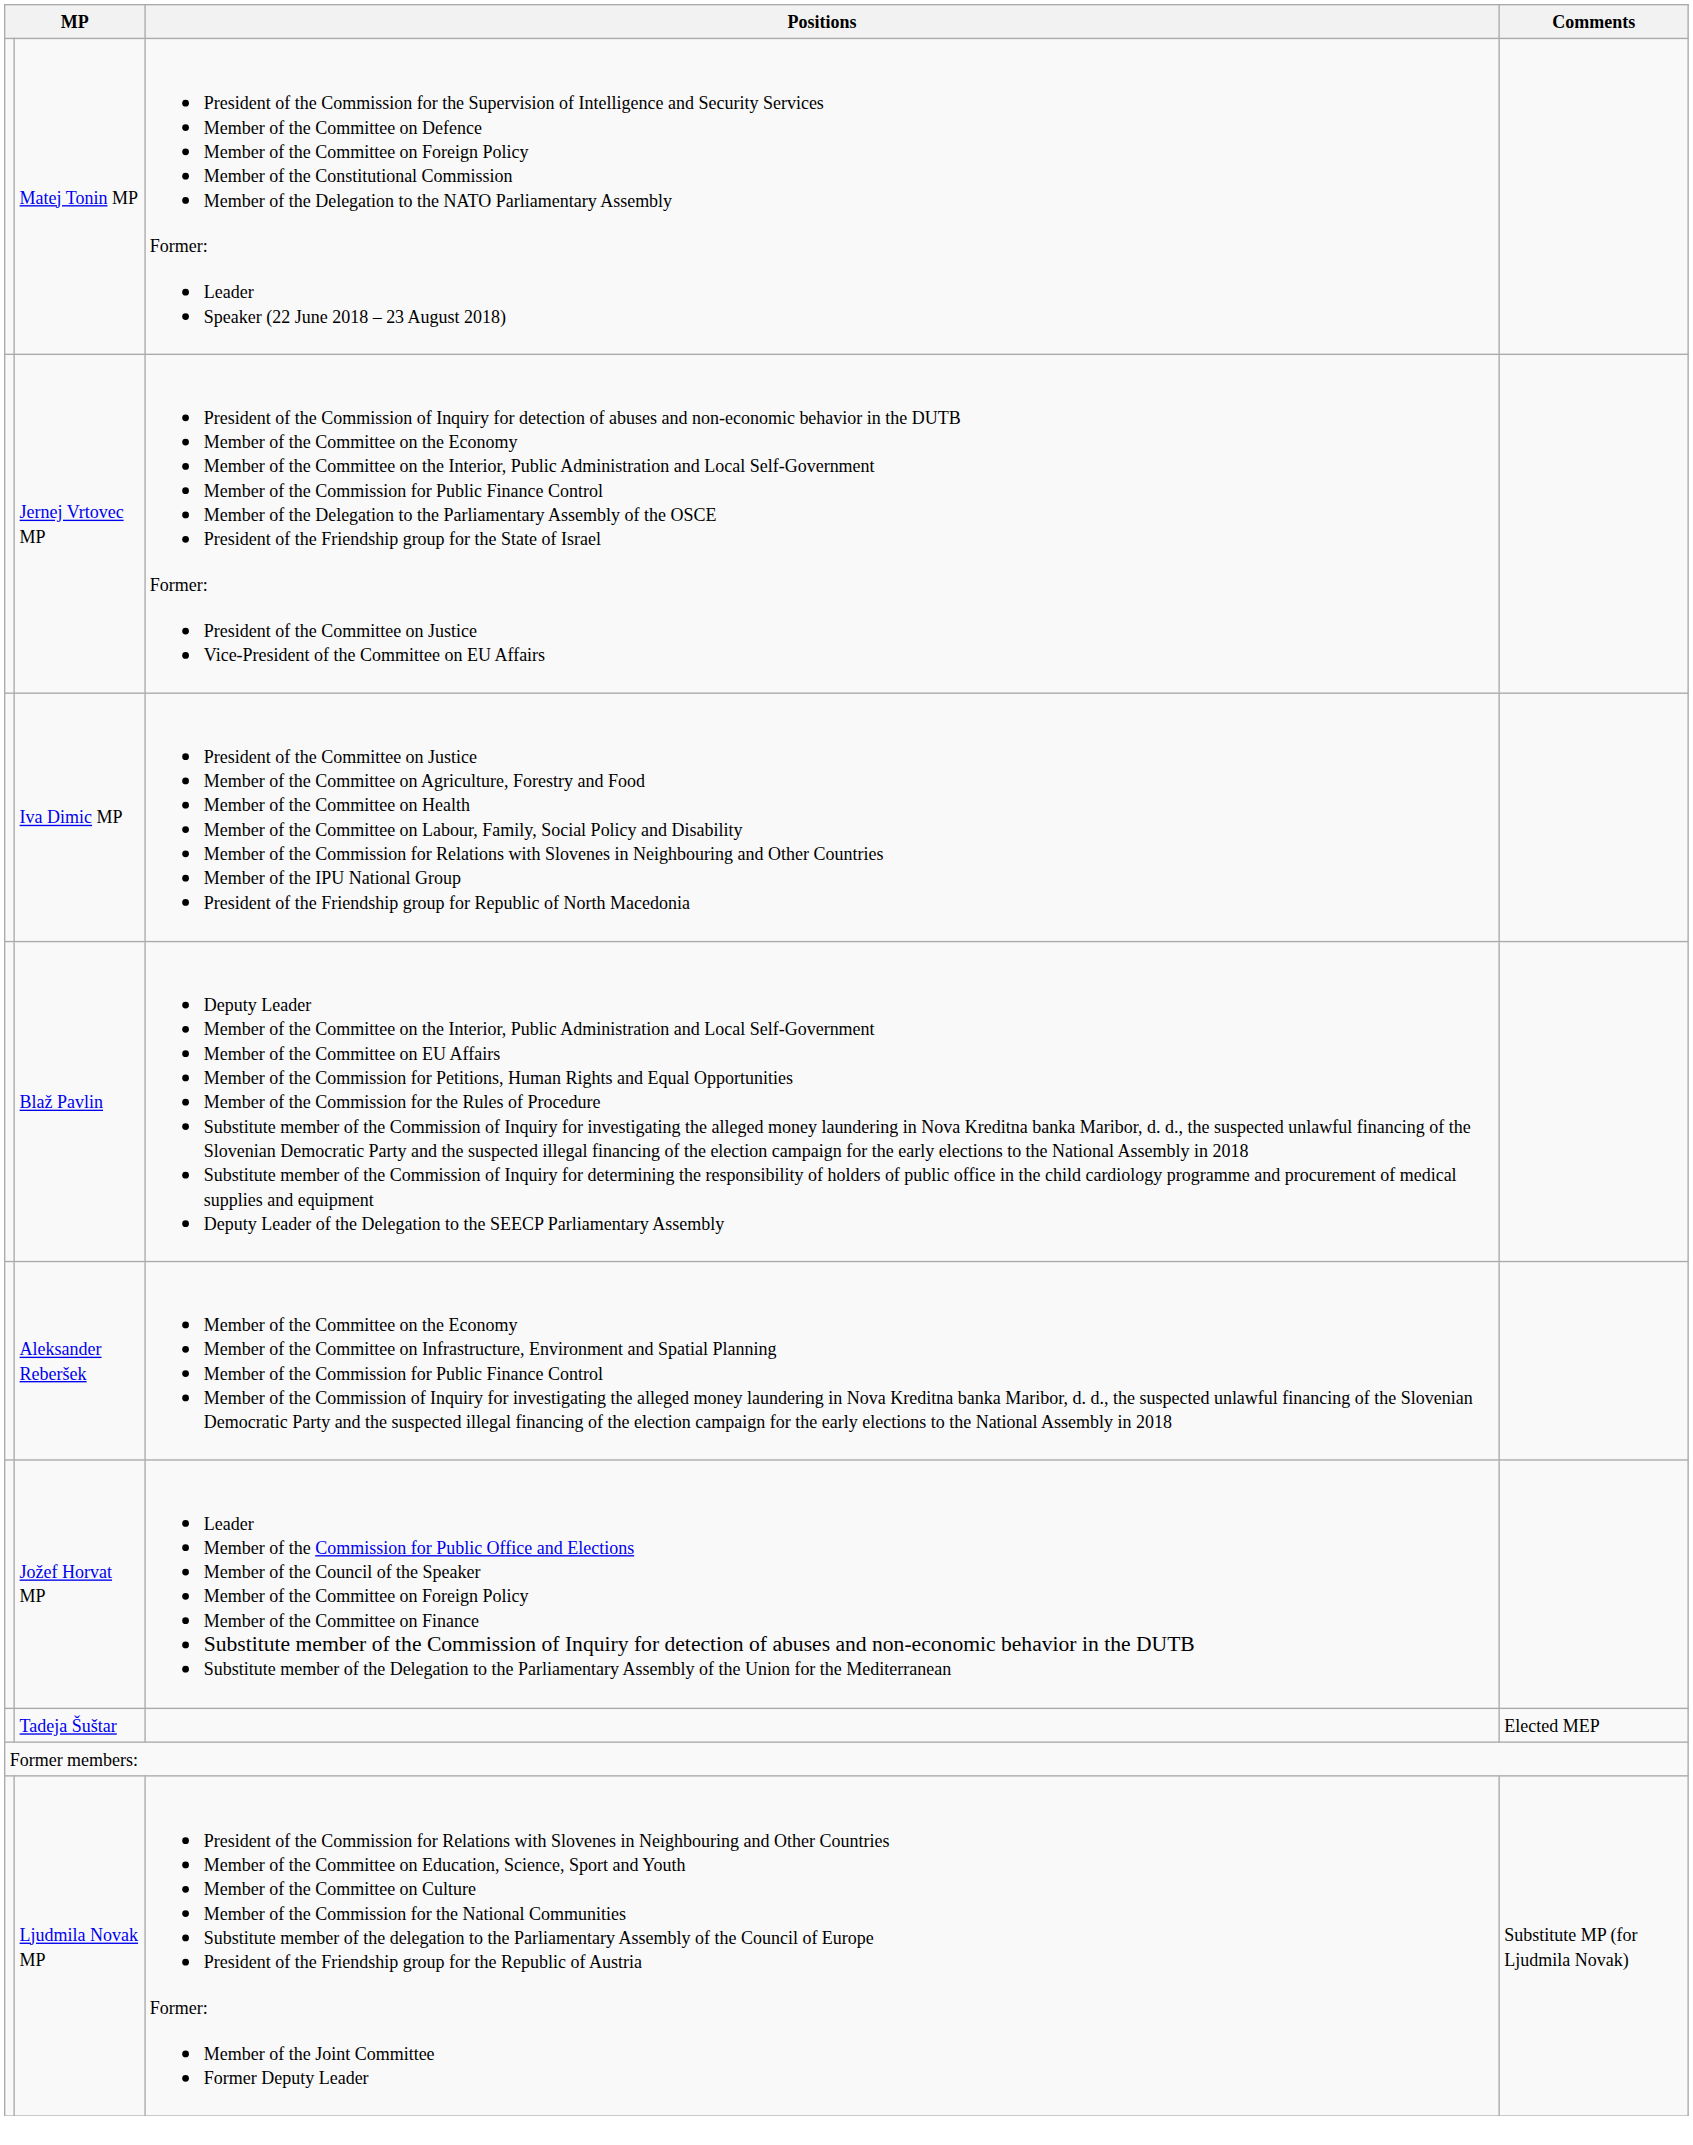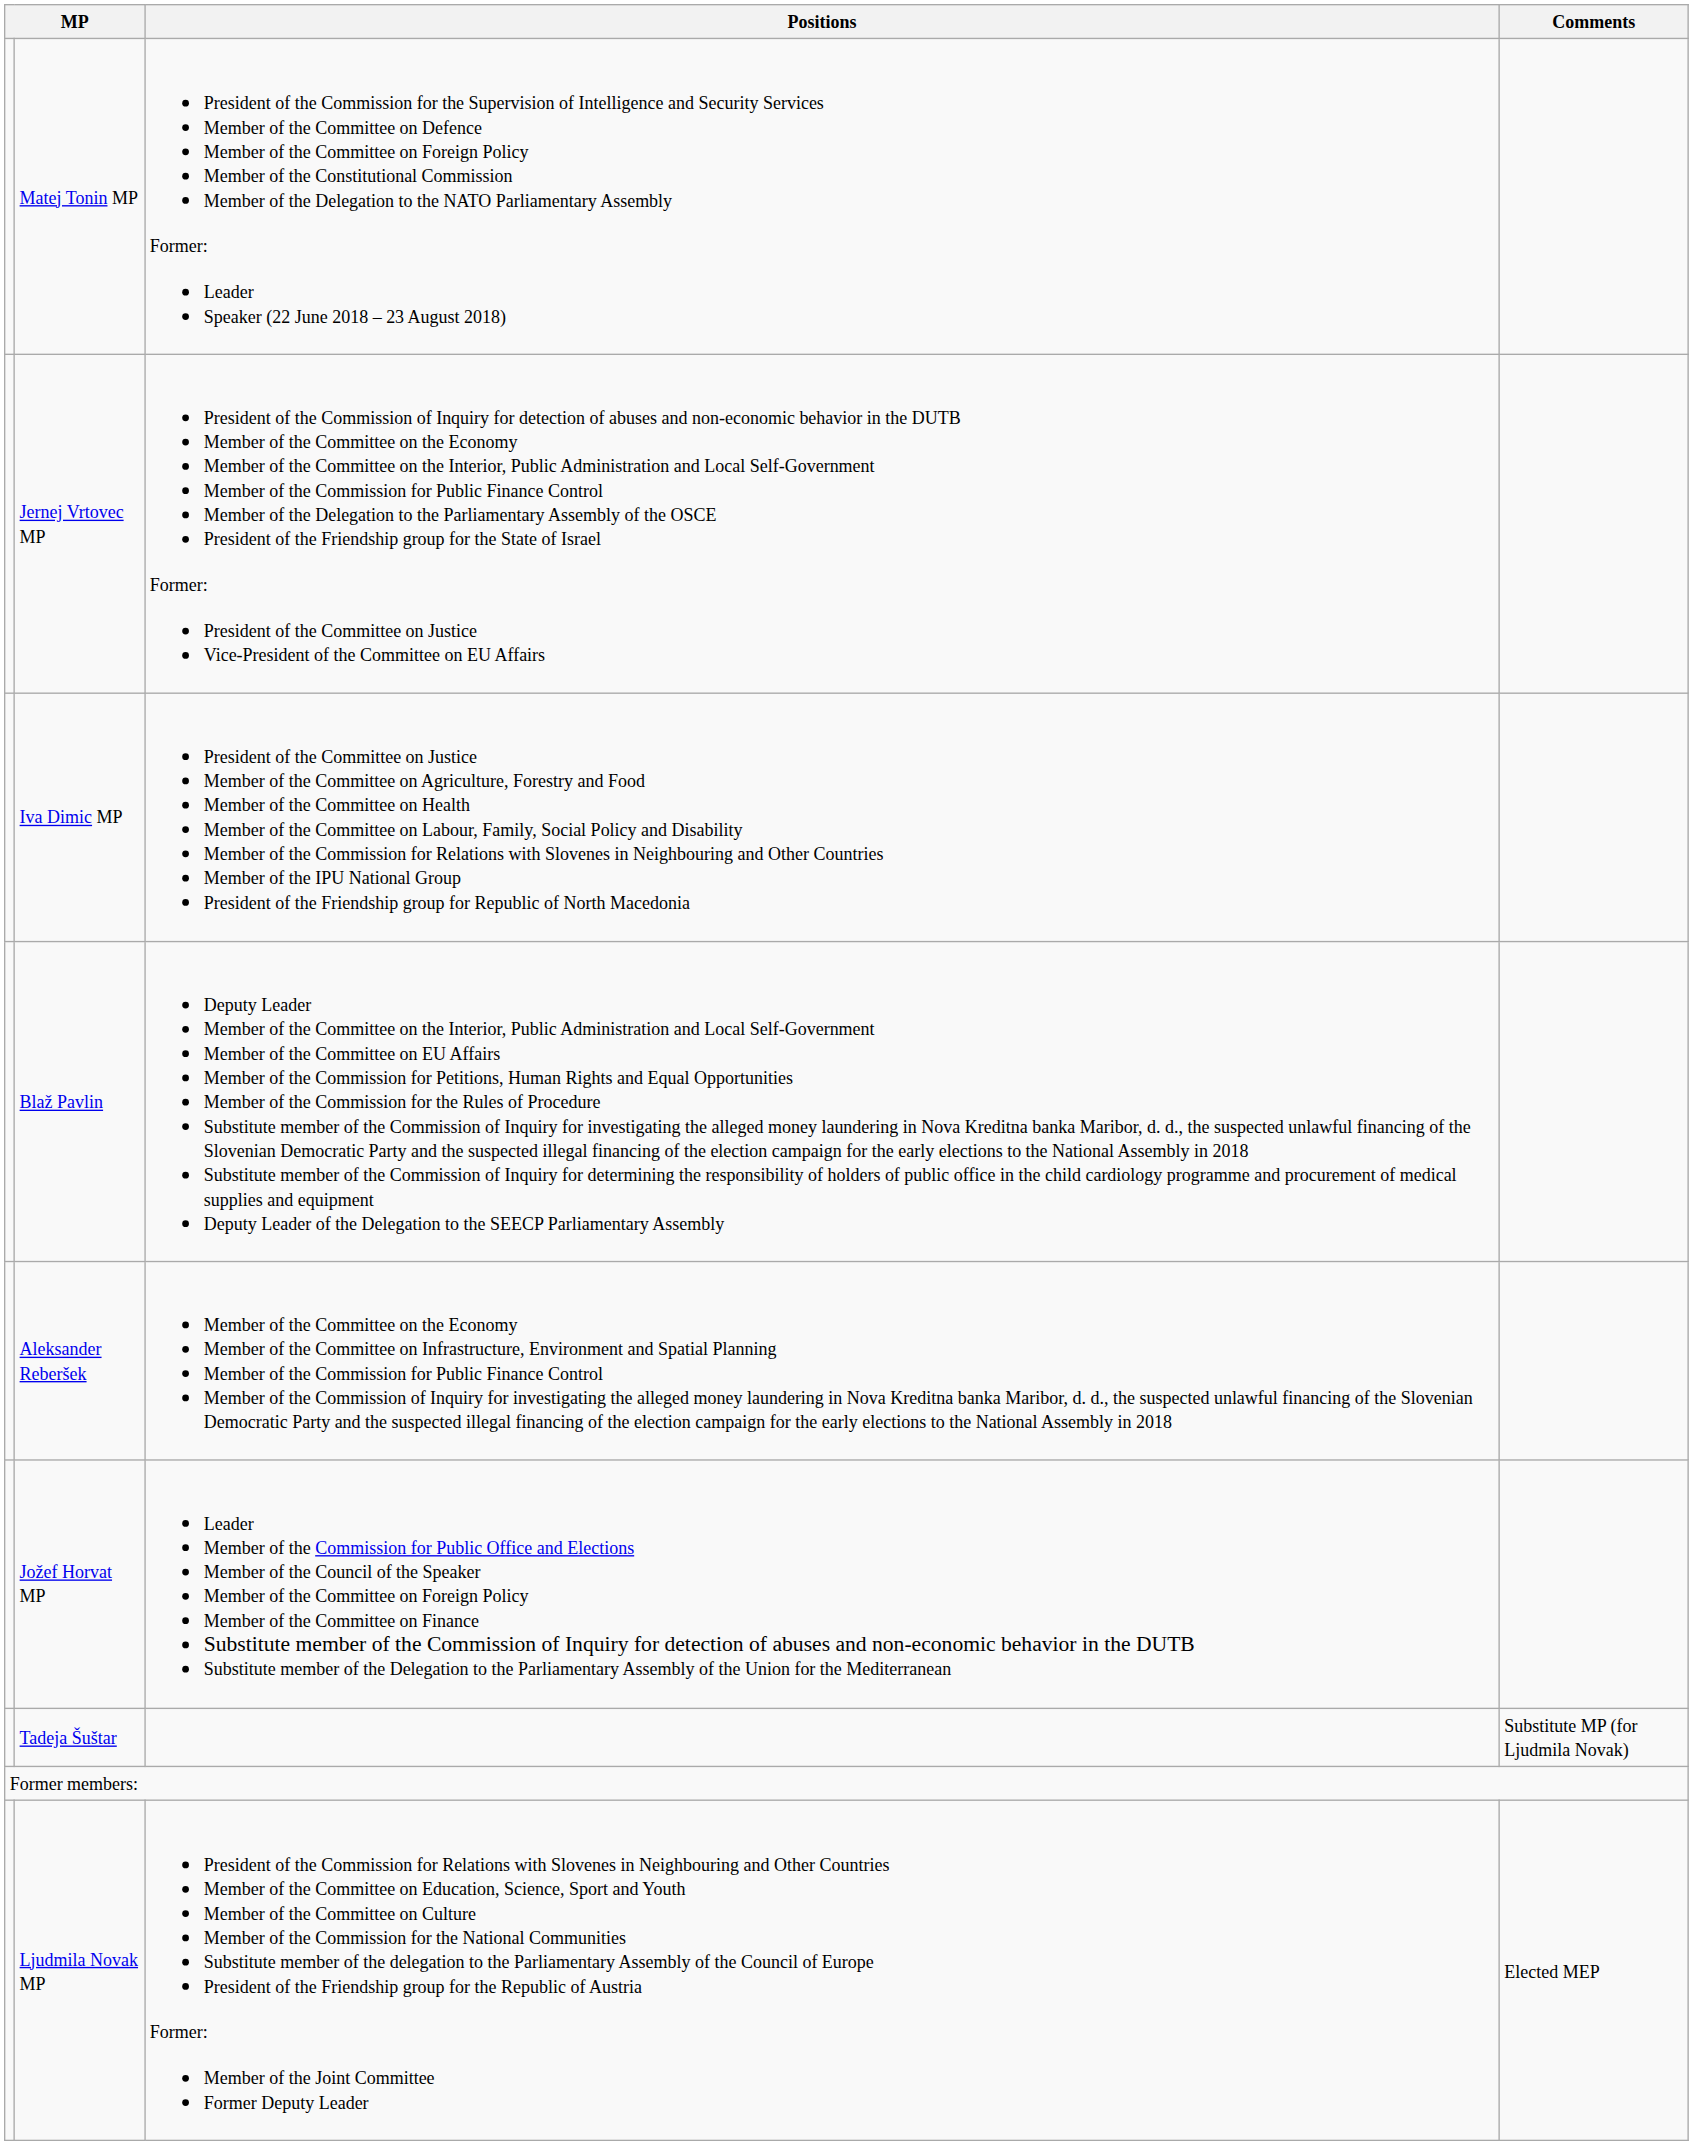 <table class="wikitable">
 <tr>
 <th colspan="2"><small>MP</small></th>
 <th><small>Positions</small></th>
 <th><small>Comments</small></th>
 </tr>
 <tr>
 <td style="background:"></td>
 <td><small><a href='#'>Matej Tonin</a> MP</small></td>
 <td><br><ul><li><small>President of the Commission for the Supervision of Intelligence and Security Services</small></li><li><small>Member of the Committee on Defence</small></li><li><small>Member of the Committee on Foreign Policy</small></li><li><small>Member of the Constitutional Commission</small></li><li><small>Member of the Delegation to the NATO Parliamentary Assembly</small></li></ul><small>Former:</small><ul><li><small>Leader</small></li><li><small>Speaker (22 June 2018 – 23 August 2018)</small><small><br></small></li></ul></td>
 <td></td>
 </tr>
 <tr>
 <td style="background:"></td>
 <td><small><a href='#'>Jernej Vrtovec</a> MP</small></td>
 <td><br><ul><li><small>President of the Commission of Inquiry for detection of abuses and non-economic behavior in the DUTB</small></li><li><small>Member of the Committee on the Economy</small></li><li><small>Member of the Committee on the Interior, Public Administration and Local Self-Government</small></li><li><small>Member of the Commission for Public Finance Control</small></li><li><small>Member of the Delegation to the Parliamentary Assembly of the OSCE</small></li><li><small>President of the Friendship group for the State of Israel</small></li></ul><small>Former:</small><ul><li><small>President of the Committee on Justice</small></li><li><small>Vice-President of the Committee on EU Affairs</small></li></ul></td>
 <td></td>
 </tr>
 <tr>
 <td style="background:"></td>
 <td><small><a href='#'>Iva Dimic</a> MP</small></td>
 <td><br><ul><li><small>President of the Committee on Justice</small></li><li><small>Member of the Committee on Agriculture, Forestry and Food</small></li><li><small>Member of the Committee on Health</small></li><li><small>Member of the Committee on Labour, Family, Social Policy and Disability</small></li><li><small>Member of the Commission for Relations with Slovenes in Neighbouring and Other Countries</small></li><li><small>Member of the IPU National Group</small></li><li><small>President of the Friendship group for Republic of North Macedonia</small></li></ul></td>
 <td></td>
 </tr>
 <tr>
 <td style="background:"></td>
 <td><a href='#'><small>Blaž Pavlin</small></a></td>
 <td><br><ul><li><small>Deputy Leader</small></li><li><small>Member of the Committee on the Interior, Public Administration and Local Self-Government</small></li><li><small>Member of the Committee on EU Affairs</small></li><li><small>Member of the Commission for Petitions, Human Rights and Equal Opportunities</small></li><li><small>Member of the Commission for the Rules of Procedure</small></li><li><small>Substitute member of the Commission of Inquiry for investigating the alleged money laundering in Nova Kreditna banka Maribor, d. d., the suspected unlawful financing of the Slovenian Democratic Party and the suspected illegal financing of the election campaign for the early elections to the National Assembly in 2018</small></li><li><small>Substitute member of the Commission of Inquiry for determining the responsibility of holders of public office in the child cardiology programme and procurement of medical supplies and equipment</small></li><li><small>Deputy Leader of the Delegation to the SEECP Parliamentary Assembly</small></li></ul></td>
 <td></td>
 </tr>
 <tr>
 <td style="background:"></td>
 <td><a href='#'><small>Aleksander Reberšek</small></a></td>
 <td><br><ul><li><small>Member of the Committee on the Economy</small></li><li><small>Member of the Committee on Infrastructure, Environment and Spatial Planning</small></li><li><small>Member of the Commission for Public Finance Control</small></li><li><small>Member of the Commission of Inquiry for investigating the alleged money laundering in Nova Kreditna banka Maribor, d. d., the suspected unlawful financing of the Slovenian Democratic Party and the suspected illegal financing of the election campaign for the early elections to the National Assembly in 2018</small></li></ul></td>
 <td></td>
 </tr>
 <tr>
 <td style="background:"></td>
 <td><small><a href='#'>Jožef Horvat</a> MP</small></td>
 <td><br><ul><li><small>Leader</small></li><li><small>Member of the <a href='#'>Commission for Public Office and Elections</a></small></li><li><small>Member of the Council of the Speaker</small></li><li><small>Member of the Committee on Foreign Policy</small></li><li><small>Member of the Committee on Finance</small></li><li>Substitute member of the Commission of Inquiry for detection of abuses and non-economic behavior in the DUTB</li><li><small>Substitute member of the Delegation to the Parliamentary Assembly of the Union for the Mediterranean</small></li></ul></td>
 <td></td>
 </tr>
 <tr>
 <td style="background:"></td>
 <td><a href='#'><small>Tadeja Šuštar</small></a></td>
 <td></td>
-<td><small>Elected MEP</small></td>
+<td><small>Substitute  MP (for Ljudmila Novak)</small></td>
 </tr>
 <tr>
 <td colspan="4"><small>Former members:</small></td>
 </tr>
 <tr>
 <td style="background:"></td>
 <td><small><a href='#'>Ljudmila Novak</a> MP</small></td>
 <td><br><ul><li><small>President of the Commission for Relations with Slovenes in Neighbouring and Other Countries</small></li><li><small>Member of the Committee on Education, Science, Sport and Youth</small></li><li><small>Member of the Committee on Culture</small></li><li><small>Member of the Commission for the National Communities</small></li><li><small>Substitute member of the delegation to the Parliamentary Assembly of the Council of Europe</small></li><li><small>President of the Friendship group for the Republic of Austria</small></li></ul><small>Former:</small><ul><li><small>Member of the Joint Committee</small></li><li><small>Former Deputy Leader</small></li></ul></td>
-<td><small>Substitute  MP (for Ljudmila Novak)</small></td>
+<td><small>Elected MEP</small></td>
 </tr>
 </table>
